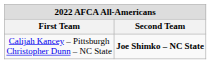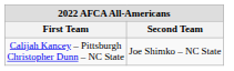 <table class="wikitable" style="white-space:nowrap; text-align:center; font-size:90%;">
 <tr>
 <td colspan="7" style="text-align:center; background:#ddd;"><strong>2022 AFCA All-Americans</strong></td>
 </tr>
 <tr>
 <th>First Team</th>
 <th>Second Team</th>
 </tr>
 <tr>
 <td><a href='#'>Calijah Kancey</a> – Pittsburgh<br><a href='#'>Christopher Dunn</a> – NC State</td>
-<td><strong>Joe Shimko – NC State</strong></td>
+<td>Joe Shimko – NC State</td>
 </tr>
 </table>
